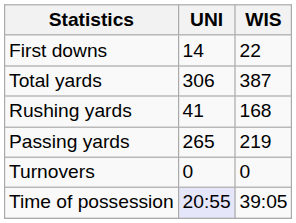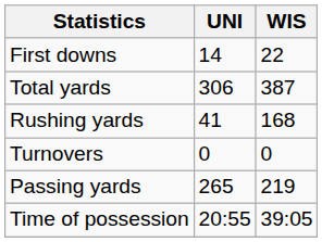 <table class="wikitable" style="float: left;">
 <tr>
 <th>Statistics</th>
 <th>UNI</th>
 <th>WIS</th>
 </tr>
 <tr>
 <td>First downs</td>
 <td>14</td>
 <td>22</td>
 </tr>
 <tr>
 <td>Total yards</td>
 <td>306</td>
 <td>387</td>
 </tr>
 <tr>
 <td>Rushing yards</td>
 <td>41</td>
 <td>168</td>
 </tr>
 <tr>
+<td>Turnovers</td>
+<td>0</td>
+<td>0</td>
+</tr>
+<tr>
 <td>Passing yards</td>
 <td>265</td>
 <td>219</td>
 </tr>
 <tr>
-<td>Turnovers</td>
-<td>0</td>
-<td>0</td>
-</tr>
-<tr>
 <td>Time of possession</td>
-<td style="background: lavender;">20:55</td>
+<td>20:55</td>
 <td>39:05</td>
 </tr>
 <tr>
 </tr>
 </table>
